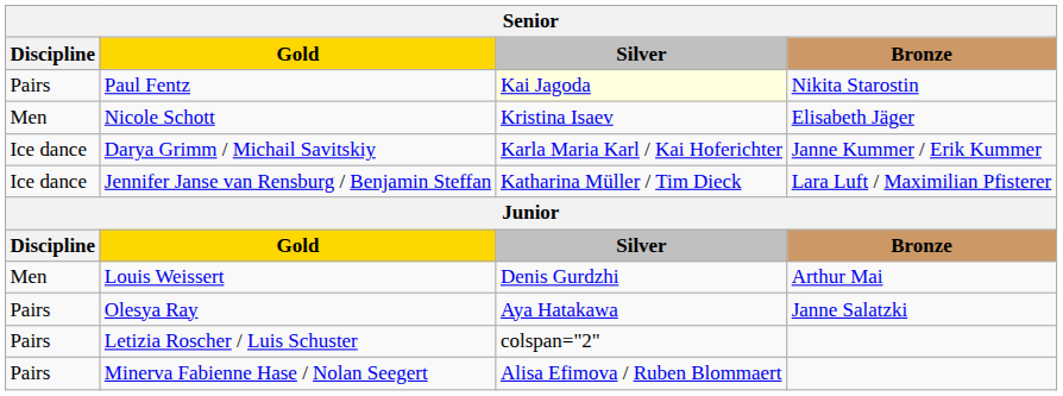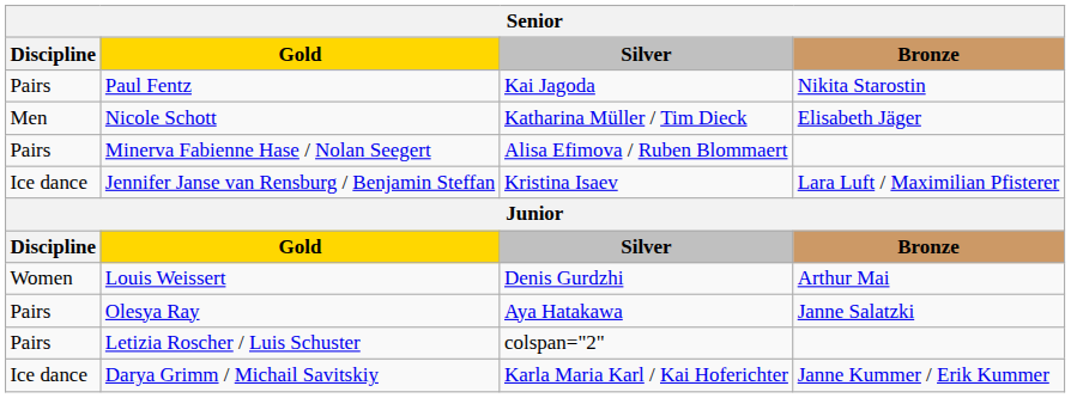 <table class="wikitable">
 <tr>
 <th colspan="4">Senior</th>
 </tr>
 <tr>
 <th>Discipline</th>
 <td align="center" bgcolor="gold"><strong>Gold</strong></td>
 <td align="center" bgcolor="silver"><strong>Silver</strong></td>
 <td align="center" bgcolor="cc9966"><strong>Bronze</strong></td>
 </tr>
 <tr>
 <td>Pairs</td>
 <td><a href='#'>Paul Fentz</a></td>
-<td style="background: lightyellow;"><a href='#'>Kai Jagoda</a></td>
+<td><a href='#'>Kai Jagoda</a></td>
 <td><a href='#'>Nikita Starostin</a></td>
 </tr>
 <tr>
 <td>Men</td>
 <td><a href='#'>Nicole Schott</a></td>
-<td><a href='#'>Kristina Isaev</a></td>
+<td><a href='#'>Katharina Müller</a> / <a href='#'>Tim Dieck</a></td>
 <td><a href='#'>Elisabeth Jäger</a></td>
 </tr>
 <tr>
-<td>Ice dance</td>
-<td><a href='#'>Darya Grimm</a> / <a href='#'>Michail Savitskiy</a></td>
-<td><a href='#'>Karla Maria Karl</a> / <a href='#'>Kai Hoferichter</a></td>
-<td><a href='#'>Janne Kummer</a> / <a href='#'>Erik Kummer</a></td>
+<td>Pairs</td>
+<td><a href='#'>Minerva Fabienne Hase</a> / <a href='#'>Nolan Seegert</a></td>
+<td><a href='#'>Alisa Efimova</a> / <a href='#'>Ruben Blommaert</a></td>
+<td></td>
 </tr>
 <tr>
 <td>Ice dance</td>
 <td><a href='#'>Jennifer Janse van Rensburg</a> / <a href='#'>Benjamin Steffan</a></td>
-<td><a href='#'>Katharina Müller</a> / <a href='#'>Tim Dieck</a></td>
+<td><a href='#'>Kristina Isaev</a></td>
 <td><a href='#'>Lara Luft</a> / <a href='#'>Maximilian Pfisterer</a></td>
 </tr>
 <tr>
 <th colspan="4">Junior</th>
 </tr>
 <tr>
 <th>Discipline</th>
 <td align="center" bgcolor="gold"><strong>Gold</strong></td>
 <td align="center" bgcolor="silver"><strong>Silver</strong></td>
 <td align="center" bgcolor="cc9966"><strong>Bronze</strong></td>
 </tr>
 <tr>
-<td>Men</td>
+<td>Women</td>
 <td><a href='#'>Louis Weissert</a></td>
 <td><a href='#'>Denis Gurdzhi</a></td>
 <td><a href='#'>Arthur Mai</a></td>
 </tr>
 <tr>
 <td>Pairs</td>
 <td><a href='#'>Olesya Ray</a></td>
 <td><a href='#'>Aya Hatakawa</a></td>
 <td><a href='#'>Janne Salatzki</a></td>
 </tr>
 <tr>
 <td>Pairs</td>
 <td><a href='#'>Letizia Roscher</a> / <a href='#'>Luis Schuster</a></td>
 <td>colspan="2" </td>
 </tr>
 <tr>
-<td>Pairs</td>
-<td><a href='#'>Minerva Fabienne Hase</a> / <a href='#'>Nolan Seegert</a></td>
-<td><a href='#'>Alisa Efimova</a> / <a href='#'>Ruben Blommaert</a></td>
-<td></td>
+<td>Ice dance</td>
+<td><a href='#'>Darya Grimm</a> / <a href='#'>Michail Savitskiy</a></td>
+<td><a href='#'>Karla Maria Karl</a> / <a href='#'>Kai Hoferichter</a></td>
+<td><a href='#'>Janne Kummer</a> / <a href='#'>Erik Kummer</a></td>
 </tr>
 </table>
